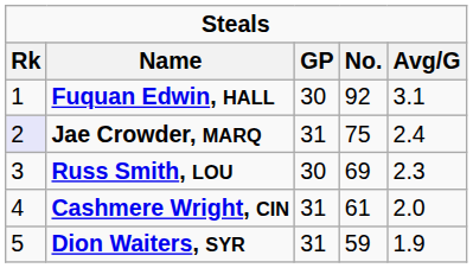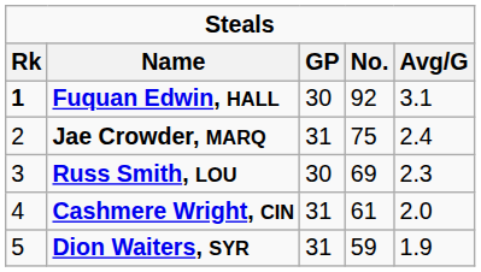 <table class="wikitable" style="white-space:nowrap; font-size:90%;">
 <tr>
 <td colspan=5 style="text-align:center;"><strong>Steals</strong></td>
 </tr>
 <tr>
 <th>Rk</th>
 <th>Name</th>
 <th>GP</th>
 <th>No.</th>
 <th>Avg/G</th>
 </tr>
 <tr>
-<td>1</td>
+<td><strong>1</strong></td>
 <td><strong><a href='#'>Fuquan Edwin</a>, <small>HALL</small></strong></td>
 <td>30</td>
 <td>92</td>
 <td>3.1</td>
 </tr>
 <tr>
-<td style="background: lavender;">2</td>
+<td>2</td>
 <td><strong>Jae Crowder, <small>MARQ</small></strong></td>
 <td>31</td>
 <td>75</td>
 <td>2.4</td>
 </tr>
 <tr>
 <td>3</td>
 <td><strong><a href='#'>Russ Smith</a>, <small>LOU</small></strong></td>
 <td>30</td>
 <td>69</td>
 <td>2.3</td>
 </tr>
 <tr>
 <td>4</td>
 <td><strong><a href='#'>Cashmere Wright</a>, <small>CIN</small></strong></td>
 <td>31</td>
 <td>61</td>
 <td>2.0</td>
 </tr>
 <tr>
 <td>5</td>
 <td><strong><a href='#'>Dion Waiters</a>, <small>SYR</small></strong></td>
 <td>31</td>
 <td>59</td>
 <td>1.9</td>
 </tr>
 </table>
